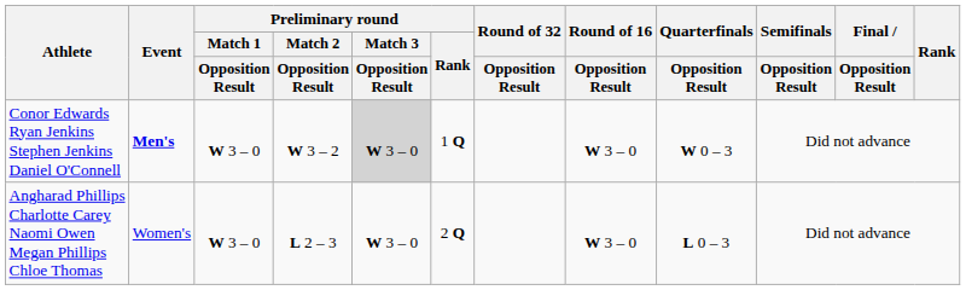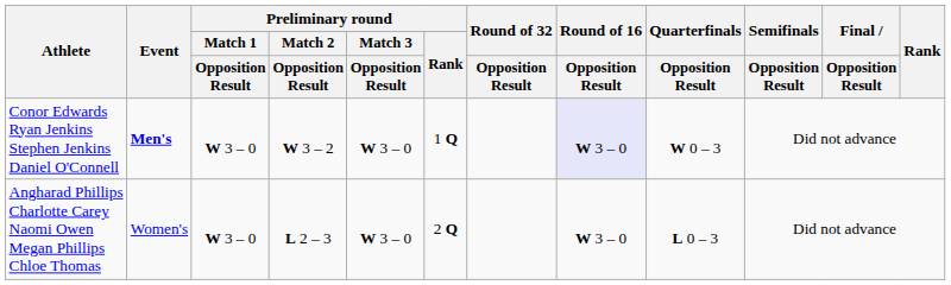 <table class="wikitable" style="font-size:90%">
 <tr>
 <th rowspan=3>Athlete</th>
 <th rowspan=3>Event</th>
 <th colspan=4>Preliminary round</th>
 <th rowspan=2>Round of 32</th>
 <th rowspan=2>Round of 16</th>
 <th rowspan=2>Quarterfinals</th>
 <th rowspan=2>Semifinals</th>
 <th rowspan=2>Final / </th>
 <th rowspan=3>Rank</th>
 </tr>
 <tr style="font-size:95%">
 <th>Match 1</th>
 <th>Match 2</th>
 <th>Match 3</th>
 <th rowspan=2>Rank</th>
 </tr>
 <tr style="font-size:95%">
 <th>Opposition<br>Result</th>
 <th>Opposition<br>Result</th>
 <th>Opposition<br>Result</th>
 <th>Opposition<br>Result</th>
 <th>Opposition<br>Result</th>
 <th>Opposition<br>Result</th>
 <th>Opposition<br>Result</th>
 <th>Opposition<br>Result</th>
 </tr>
 <tr align=center>
 <td align=left><a href='#'>Conor Edwards</a><br><a href='#'>Ryan Jenkins</a><br><a href='#'>Stephen Jenkins</a><br><a href='#'>Daniel O'Connell</a></td>
 <td align=left><strong><a href='#'>Men's</a></strong></td>
 <td><br><strong>W</strong> 3 – 0</td>
 <td><br><strong>W</strong> 3 – 2</td>
-<td style="background: lightgrey;"><br><strong>W</strong> 3 – 0</td>
+<td><br><strong>W</strong> 3 – 0</td>
 <td>1 <strong>Q</strong></td>
 <td></td>
-<td><br><strong>W</strong> 3 – 0</td>
+<td style="background: lavender;"><br><strong>W</strong> 3 – 0</td>
 <td><br><strong>W</strong> 0 – 3</td>
 <td colspan=3>Did not advance</td>
 </tr>
 <tr align=center>
 <td align=left><a href='#'>Angharad Phillips</a><br><a href='#'>Charlotte Carey</a><br><a href='#'>Naomi Owen</a><br><a href='#'>Megan Phillips</a><br><a href='#'>Chloe Thomas</a></td>
 <td align=left><a href='#'>Women's</a></td>
 <td><br><strong>W</strong> 3 – 0</td>
 <td><br><strong>L</strong> 2 – 3</td>
 <td><br><strong>W</strong> 3 – 0</td>
 <td>2 <strong>Q</strong></td>
 <td></td>
 <td><br><strong>W</strong> 3 – 0</td>
 <td><br><strong>L</strong> 0 – 3</td>
 <td colspan=3>Did not advance</td>
 </tr>
 </table>
